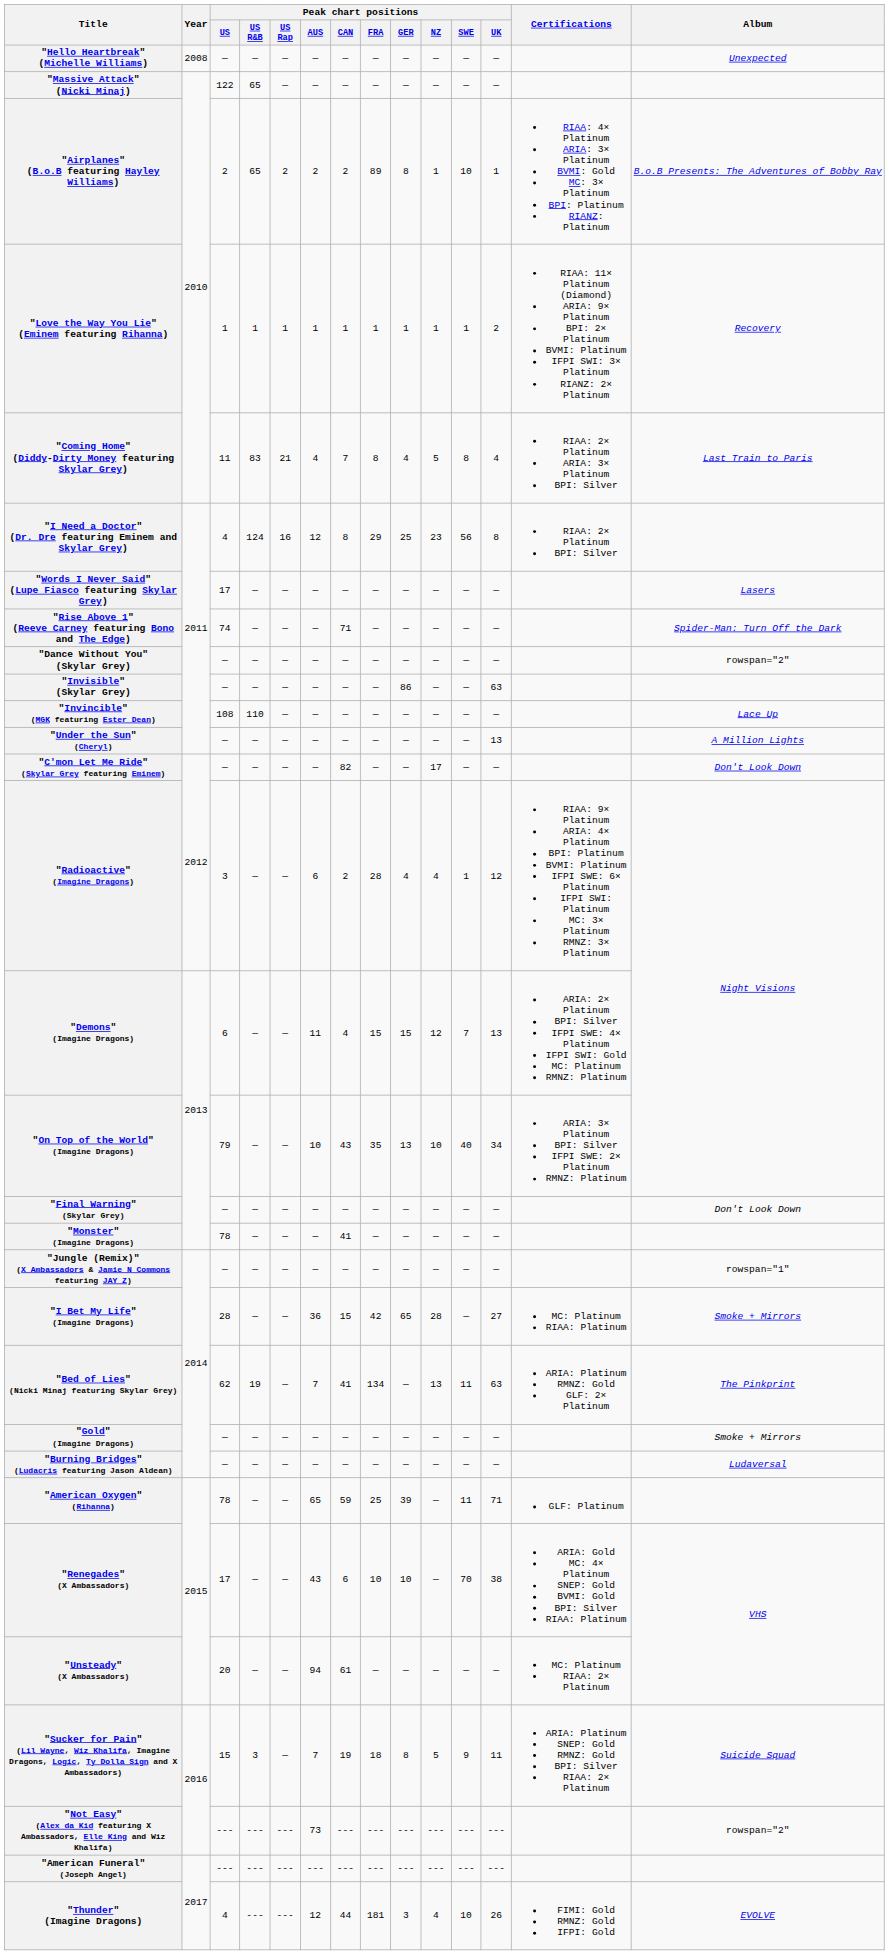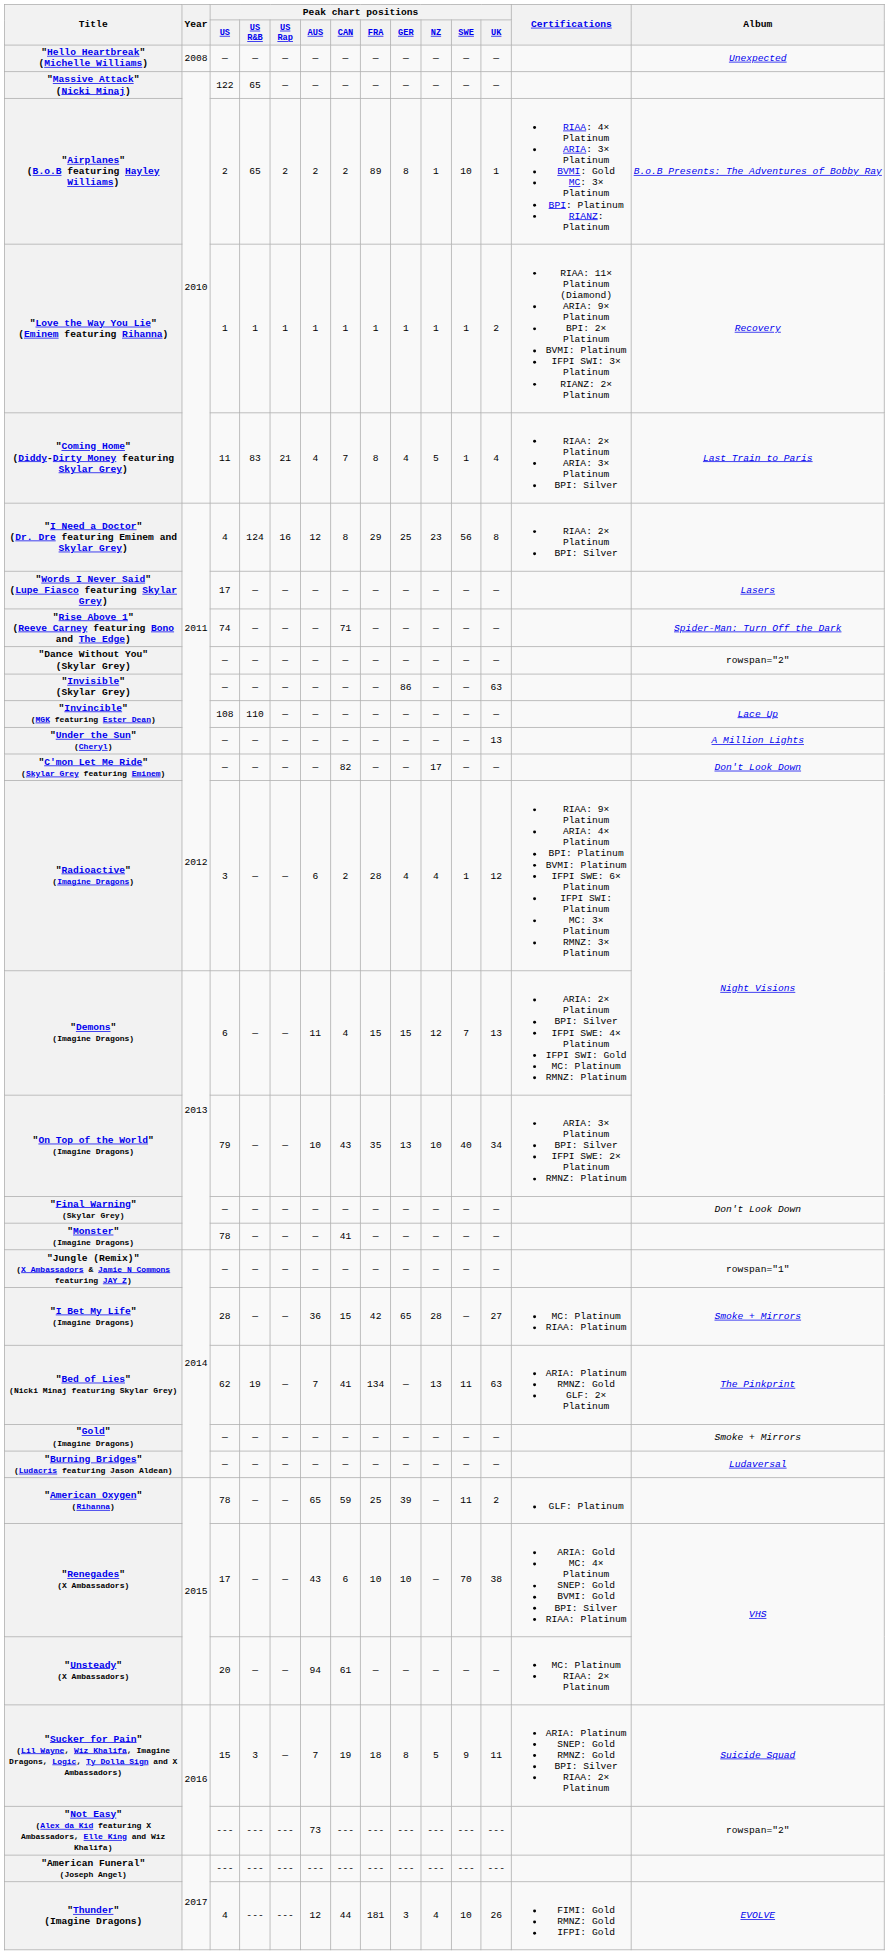 <table class="wikitable plainrowheaders" style="text-align:center;" border="1">
 <tr>
 <th scope="col" rowspan="2" style="width:18em;">Title</th>
 <th scope="col" rowspan="2">Year</th>
 <th scope="col" colspan="10">Peak chart positions</th>
 <th scope="col" rowspan="2" style="width:12em;"><a href='#'>Certifications</a></th>
 <th scope="col" rowspan="2">Album</th>
 </tr>
 <tr>
 <th scope="col" style="width:3em;font-size:90%;"><a href='#'>US</a></th>
 <th scope="col" style="width:3em;font-size:90%;"><a href='#'>US<br>R&B</a></th>
 <th scope="col" style="width:3em;font-size:90%;"><a href='#'>US<br>Rap</a></th>
 <th scope="col" style="width:3em;font-size:90%;"><a href='#'>AUS</a></th>
 <th scope="col" style="width:3em;font-size:90%;"><a href='#'>CAN</a></th>
 <th scope="col" style="width:3em;font-size:90%;"><a href='#'>FRA</a></th>
 <th scope="col" style="width:3em;font-size:90%;"><a href='#'>GER</a></th>
 <th scope="col" style="width:3em;font-size:90%;"><a href='#'>NZ</a></th>
 <th scope="col" style="width:3em;font-size:90%;"><a href='#'>SWE</a></th>
 <th scope="col" style="width:3em;font-size:90%;"><a href='#'>UK</a></th>
 </tr>
 <tr>
 <th scope="row">"<a href='#'>Hello Heartbreak</a>"<br><span>(<a href='#'>Michelle Williams</a>)</span></th>
 <td rowspan="1">2008</td>
 <td>—</td>
 <td>—</td>
 <td>—</td>
 <td>—</td>
 <td>—</td>
 <td>—</td>
 <td>—</td>
 <td>—</td>
 <td>—</td>
 <td>—</td>
 <td></td>
 <td rowspan="1"><em><a href='#'>Unexpected</a></em></td>
 </tr>
 <tr>
 <th scope="row">"<a href='#'>Massive Attack</a>"<br><span>(<a href='#'>Nicki Minaj</a>)</span></th>
 <td rowspan="4">2010</td>
 <td>122</td>
 <td>65</td>
 <td>—</td>
 <td>—</td>
 <td>—</td>
 <td>—</td>
 <td>—</td>
 <td>—</td>
 <td>—</td>
 <td>—</td>
 <td></td>
 <td></td>
 </tr>
 <tr>
 <th scope="row">"<a href='#'>Airplanes</a>"<br><span>(<a href='#'>B.o.B</a> featuring <a href='#'>Hayley Williams</a>)</span></th>
 <td>2</td>
 <td>65</td>
 <td>2</td>
 <td>2</td>
 <td>2</td>
 <td>89</td>
 <td>8</td>
 <td>1</td>
 <td>10</td>
 <td>1</td>
 <td><br><ul><li><a href='#'>RIAA</a>: 4× Platinum</li><li><a href='#'>ARIA</a>: 3× Platinum</li><li><a href='#'>BVMI</a>: Gold</li><li><a href='#'>MC</a>: 3× Platinum</li><li><a href='#'>BPI</a>: Platinum</li><li><a href='#'>RIANZ</a>: Platinum</li></ul></td>
 <td rowspan="1"><em><a href='#'>B.o.B Presents: The Adventures of Bobby Ray</a></em></td>
 </tr>
 <tr>
 <th scope="row">"<a href='#'>Love the Way You Lie</a>"<br><span>(<a href='#'>Eminem</a> featuring <a href='#'>Rihanna</a>)</span></th>
 <td>1</td>
 <td>1</td>
 <td>1</td>
 <td>1</td>
 <td>1</td>
 <td>1</td>
 <td>1</td>
 <td>1</td>
 <td>1</td>
 <td>2</td>
 <td><br><ul><li>RIAA: 11× Platinum<br>(Diamond)</li><li>ARIA: 9× Platinum</li><li>BPI: 2× Platinum</li><li>BVMI: Platinum</li><li>IFPI SWI: 3× Platinum</li><li>RIANZ: 2× Platinum</li></ul></td>
 <td><em><a href='#'>Recovery</a></em></td>
 </tr>
 <tr>
 <th scope="row">"<a href='#'>Coming Home</a>"<br><span>(<a href='#'>Diddy</a>-<a href='#'>Dirty Money</a> featuring <a href='#'>Skylar Grey</a>)</span></th>
 <td>11</td>
 <td>83</td>
 <td>21</td>
 <td>4</td>
 <td>7</td>
 <td>8</td>
 <td>4</td>
 <td>5</td>
-<td>8</td>
+<td>1</td>
 <td>4</td>
 <td><br><ul><li>RIAA: 2× Platinum</li><li>ARIA: 3× Platinum</li><li>BPI: Silver</li></ul></td>
 <td><em><a href='#'>Last Train to Paris</a></em></td>
 </tr>
 <tr>
 <th scope="row">"<a href='#'>I Need a Doctor</a>"<br><span>(<a href='#'>Dr. Dre</a> featuring Eminem and <a href='#'>Skylar Grey</a>)</span></th>
 <td rowspan="7">2011</td>
 <td>4</td>
 <td>124</td>
 <td>16</td>
 <td>12</td>
 <td>8</td>
 <td>29</td>
 <td>25</td>
 <td>23</td>
 <td>56</td>
 <td>8</td>
 <td><br><ul><li>RIAA: 2× Platinum</li><li>BPI: Silver</li></ul></td>
 <td></td>
 </tr>
 <tr>
 <th scope="row">"<a href='#'>Words I Never Said</a>"<br><span>(<a href='#'>Lupe Fiasco</a> featuring <a href='#'>Skylar Grey</a>)</span></th>
 <td>17</td>
 <td>—</td>
 <td>—</td>
 <td>—</td>
 <td>—</td>
 <td>—</td>
 <td>—</td>
 <td>—</td>
 <td>—</td>
 <td>—</td>
 <td></td>
 <td rowspan="1"><em><a href='#'>Lasers</a></em></td>
 </tr>
 <tr>
 <th scope="row">"<a href='#'>Rise Above 1</a>"<br><span>(<a href='#'>Reeve Carney</a> featuring <a href='#'>Bono</a> and <a href='#'>The Edge</a>)</span></th>
 <td>74</td>
 <td>—</td>
 <td>—</td>
 <td>—</td>
 <td>71</td>
 <td>—</td>
 <td>—</td>
 <td>—</td>
 <td>—</td>
 <td>—</td>
 <td></td>
 <td rowspan="1"><em><a href='#'>Spider-Man: Turn Off the Dark</a></em></td>
 </tr>
 <tr>
 <th scope="row">"Dance Without You"<br><span>(Skylar Grey)</span></th>
 <td>—</td>
 <td>—</td>
 <td>—</td>
 <td>—</td>
 <td>—</td>
 <td>—</td>
 <td>—</td>
 <td>—</td>
 <td>—</td>
 <td>—</td>
 <td></td>
 <td>rowspan="2" </td>
 </tr>
 <tr>
 <th scope="row">"<a href='#'>Invisible</a>"<br><span>(Skylar Grey)</span></th>
 <td>—</td>
 <td>—</td>
 <td>—</td>
 <td>—</td>
 <td>—</td>
 <td>—</td>
 <td>86</td>
 <td>—</td>
 <td>—</td>
 <td>63</td>
 <td></td>
 </tr>
 <tr>
 <th scope="row">"<a href='#'>Invincible</a>"<br><small>(<a href='#'>MGK</a> featuring <a href='#'>Ester Dean</a>)</small></th>
 <td>108</td>
 <td>110</td>
 <td>—</td>
 <td>—</td>
 <td>—</td>
 <td>—</td>
 <td>—</td>
 <td>—</td>
 <td>—</td>
 <td>—</td>
 <td></td>
 <td><em><a href='#'>Lace Up</a></em></td>
 </tr>
 <tr>
 <th scope="row">"<a href='#'>Under the Sun</a>"<br><small>(<a href='#'>Cheryl</a>)</small></th>
 <td>—</td>
 <td>—</td>
 <td>—</td>
 <td>—</td>
 <td>—</td>
 <td>—</td>
 <td>—</td>
 <td>—</td>
 <td>—</td>
 <td>13</td>
 <td></td>
 <td><em><a href='#'>A Million Lights</a></em></td>
 </tr>
 <tr>
 <th scope="row">"<a href='#'>C'mon Let Me Ride</a>"<br><small>(<a href='#'>Skylar Grey</a> featuring <a href='#'>Eminem</a>)</small></th>
 <td rowspan="2">2012</td>
 <td>—</td>
 <td>—</td>
 <td>—</td>
 <td>—</td>
 <td>82</td>
 <td>—</td>
 <td>—</td>
 <td>17</td>
 <td>—</td>
 <td>—</td>
 <td></td>
 <td rowspan="1"><em><a href='#'>Don't Look Down</a></em></td>
 </tr>
 <tr>
 <th scope="row">"<a href='#'>Radioactive</a>"<br><small>(<a href='#'>Imagine Dragons</a>)</small></th>
 <td>3</td>
 <td>—</td>
 <td>—</td>
 <td>6</td>
 <td>2</td>
 <td>28</td>
 <td>4</td>
 <td>4</td>
 <td>1</td>
 <td>12</td>
 <td><br><ul><li>RIAA: 9× Platinum</li><li>ARIA: 4× Platinum</li><li>BPI: Platinum</li><li>BVMI: Platinum</li><li>IFPI SWE: 6× Platinum</li><li>IFPI SWI: Platinum</li><li>MC: 3× Platinum</li><li>RMNZ: 3× Platinum</li></ul></td>
 <td rowspan="3"><em><a href='#'>Night Visions</a></em></td>
 </tr>
 <tr>
 <th scope="row">"<a href='#'>Demons</a>"<br><small>(Imagine Dragons)</small></th>
 <td rowspan="4">2013</td>
 <td>6</td>
 <td>—</td>
 <td>—</td>
 <td>11</td>
 <td>4</td>
 <td>15</td>
 <td>15</td>
 <td>12</td>
 <td>7</td>
 <td>13</td>
 <td><br><ul><li>ARIA: 2× Platinum</li><li>BPI: Silver</li><li>IFPI SWE: 4× Platinum</li><li>IFPI SWI: Gold</li><li>MC: Platinum</li><li>RMNZ: Platinum</li></ul></td>
 </tr>
 <tr>
 <th scope="row">"<a href='#'>On Top of the World</a>"<br><small>(Imagine Dragons)</small></th>
 <td>79</td>
 <td>—</td>
 <td>—</td>
 <td>10</td>
 <td>43</td>
 <td>35</td>
 <td>13</td>
 <td>10</td>
 <td>40</td>
 <td>34</td>
 <td><br><ul><li>ARIA: 3× Platinum</li><li>BPI: Silver</li><li>IFPI SWE: 2× Platinum</li><li>RMNZ: Platinum</li></ul></td>
 </tr>
 <tr>
 <th scope="row">"<a href='#'>Final Warning</a>"<br><small>(Skylar Grey)</small></th>
 <td>—</td>
 <td>—</td>
 <td>—</td>
 <td>—</td>
 <td>—</td>
 <td>—</td>
 <td>—</td>
 <td>—</td>
 <td>—</td>
 <td>—</td>
 <td></td>
 <td rowspan="1"><em>Don't Look Down</em></td>
 </tr>
 <tr>
 <th scope="row">"<a href='#'>Monster</a>"<br><small>(Imagine Dragons)</small></th>
 <td>78</td>
 <td>—</td>
 <td>—</td>
 <td>—</td>
 <td>41</td>
 <td>—</td>
 <td>—</td>
 <td>—</td>
 <td>—</td>
 <td>—</td>
 <td></td>
 <td></td>
 </tr>
 <tr>
 <th scope="row">"Jungle (Remix)"<br><small>(<a href='#'>X Ambassadors</a> & <a href='#'>Jamie N Commons</a> featuring <a href='#'>JAY Z</a>)</small></th>
 <td rowspan="5">2014</td>
 <td>—</td>
 <td>—</td>
 <td>—</td>
 <td>—</td>
 <td>—</td>
 <td>—</td>
 <td>—</td>
 <td>—</td>
 <td>—</td>
 <td>—</td>
 <td></td>
 <td>rowspan="1" </td>
 </tr>
 <tr>
 <th scope="row">"<a href='#'>I Bet My Life</a>"<br><small>(Imagine Dragons)</small></th>
 <td>28</td>
 <td>—</td>
 <td>—</td>
 <td>36</td>
 <td>15</td>
 <td>42</td>
 <td>65</td>
 <td>28</td>
 <td>—</td>
 <td>27</td>
 <td><br><ul><li>MC: Platinum</li><li>RIAA: Platinum</li></ul></td>
 <td><em><a href='#'>Smoke + Mirrors</a></em></td>
 </tr>
 <tr>
 <th scope="row">"<a href='#'>Bed of Lies</a>"<br><small>(Nicki Minaj featuring Skylar Grey)</small></th>
 <td>62</td>
 <td>19</td>
 <td>—</td>
 <td>7</td>
 <td>41</td>
 <td>134</td>
 <td>—</td>
 <td>13</td>
 <td>11</td>
 <td>63</td>
 <td><br><ul><li>ARIA: Platinum</li><li>RMNZ: Gold</li><li>GLF: 2× Platinum</li></ul></td>
 <td rowspan="1"><em><a href='#'>The Pinkprint</a></em></td>
 </tr>
 <tr>
 <th scope="row">"<a href='#'>Gold</a>"<br><small>(Imagine Dragons)</small></th>
 <td>—</td>
 <td>—</td>
 <td>—</td>
 <td>—</td>
 <td>—</td>
 <td>—</td>
 <td>—</td>
 <td>—</td>
 <td>—</td>
 <td>—</td>
 <td></td>
 <td><em>Smoke + Mirrors</em></td>
 </tr>
 <tr>
 <th scope="row">"<a href='#'>Burning Bridges</a>"<br><small>(<a href='#'>Ludacris</a> featuring  Jason Aldean)</small></th>
 <td>—</td>
 <td>—</td>
 <td>—</td>
 <td>—</td>
 <td>—</td>
 <td>—</td>
 <td>—</td>
 <td>—</td>
 <td>—</td>
 <td>—</td>
 <td></td>
 <td><em><a href='#'>Ludaversal</a></em></td>
 </tr>
 <tr>
 <th scope="row">"<a href='#'>American Oxygen</a>"<br><small>(<a href='#'>Rihanna</a>)</small></th>
 <td rowspan="3">2015</td>
 <td>78</td>
 <td>—</td>
 <td>—</td>
 <td>65</td>
 <td>59</td>
 <td>25</td>
 <td>39</td>
 <td>—</td>
 <td>11</td>
-<td>71</td>
+<td>2</td>
 <td><br><ul><li>GLF: Platinum</li></ul></td>
 <td></td>
 </tr>
 <tr>
 <th scope="row">"<a href='#'>Renegades</a>"<br><small>(X Ambassadors)</small></th>
 <td>17</td>
 <td>—</td>
 <td>—</td>
 <td>43</td>
 <td>6</td>
 <td>10</td>
 <td>10</td>
 <td>—</td>
 <td>70</td>
 <td>38</td>
 <td><br><ul><li>ARIA: Gold</li><li>MC: 4× Platinum</li><li>SNEP: Gold</li><li>BVMI: Gold</li><li>BPI: Silver</li><li>RIAA: Platinum</li></ul></td>
 <td rowspan="2"><em><a href='#'>VHS</a></em></td>
 </tr>
 <tr>
 <th scope="row">"<a href='#'>Unsteady</a>"<br><small>(X Ambassadors)</small></th>
 <td>20</td>
 <td>—</td>
 <td>—</td>
 <td>94</td>
 <td>61</td>
 <td>—</td>
 <td>—</td>
 <td>—</td>
 <td>—</td>
 <td>—</td>
 <td><br><ul><li>MC: Platinum</li><li>RIAA: 2× Platinum</li></ul></td>
 </tr>
 <tr>
 <th scope="row">"<a href='#'>Sucker for Pain</a>"<br><small>(<a href='#'>Lil Wayne</a>, <a href='#'>Wiz Khalifa</a>, Imagine Dragons, <a href='#'>Logic</a>, <a href='#'>Ty Dolla Sign</a> and X Ambassadors)</small></th>
 <td rowspan="2">2016</td>
 <td>15</td>
 <td>3</td>
 <td>—</td>
 <td>7</td>
 <td>19</td>
 <td>18</td>
 <td>8</td>
 <td>5</td>
 <td>9</td>
 <td>11</td>
 <td><br><ul><li>ARIA: Platinum</li><li>SNEP: Gold</li><li>RMNZ: Gold</li><li>BPI: Silver</li><li>RIAA: 2× Platinum</li></ul></td>
 <td><a href='#'><em>Suicide Squad</em></a></td>
 </tr>
 <tr>
 <th scope="row">"<a href='#'>Not Easy</a>" <br><small>(<a href='#'>Alex da Kid</a> featuring X Ambassadors, <a href='#'>Elle King</a> and Wiz Khalifa)</small></th>
 <td>---</td>
 <td>---</td>
 <td>---</td>
 <td>73</td>
 <td>---</td>
 <td>---</td>
 <td>---</td>
 <td>---</td>
 <td>---</td>
 <td>---</td>
 <td></td>
 <td>rowspan="2" </td>
 </tr>
 <tr>
 <th scope="row">"American Funeral" <br><small>(Joseph Angel)</small></th>
 <td rowspan="2">2017</td>
 <td>---</td>
 <td>---</td>
 <td>---</td>
 <td>---</td>
 <td>---</td>
 <td>---</td>
 <td>---</td>
 <td>---</td>
 <td>---</td>
 <td>---</td>
 <td></td>
 </tr>
 <tr>
 <th scope="row">"<a href='#'>Thunder</a>" <br>(Imagine Dragons)</th>
 <td>4</td>
 <td>---</td>
 <td>---</td>
 <td>12</td>
 <td>44</td>
 <td>181</td>
 <td>3</td>
 <td>4</td>
 <td>10</td>
 <td>26</td>
 <td><br><ul><li>FIMI: Gold</li><li>RMNZ: Gold</li><li>IFPI: Gold</li></ul></td>
 <td><em><a href='#'>EVOLVE</a></em></td>
 </tr>
 </table>
